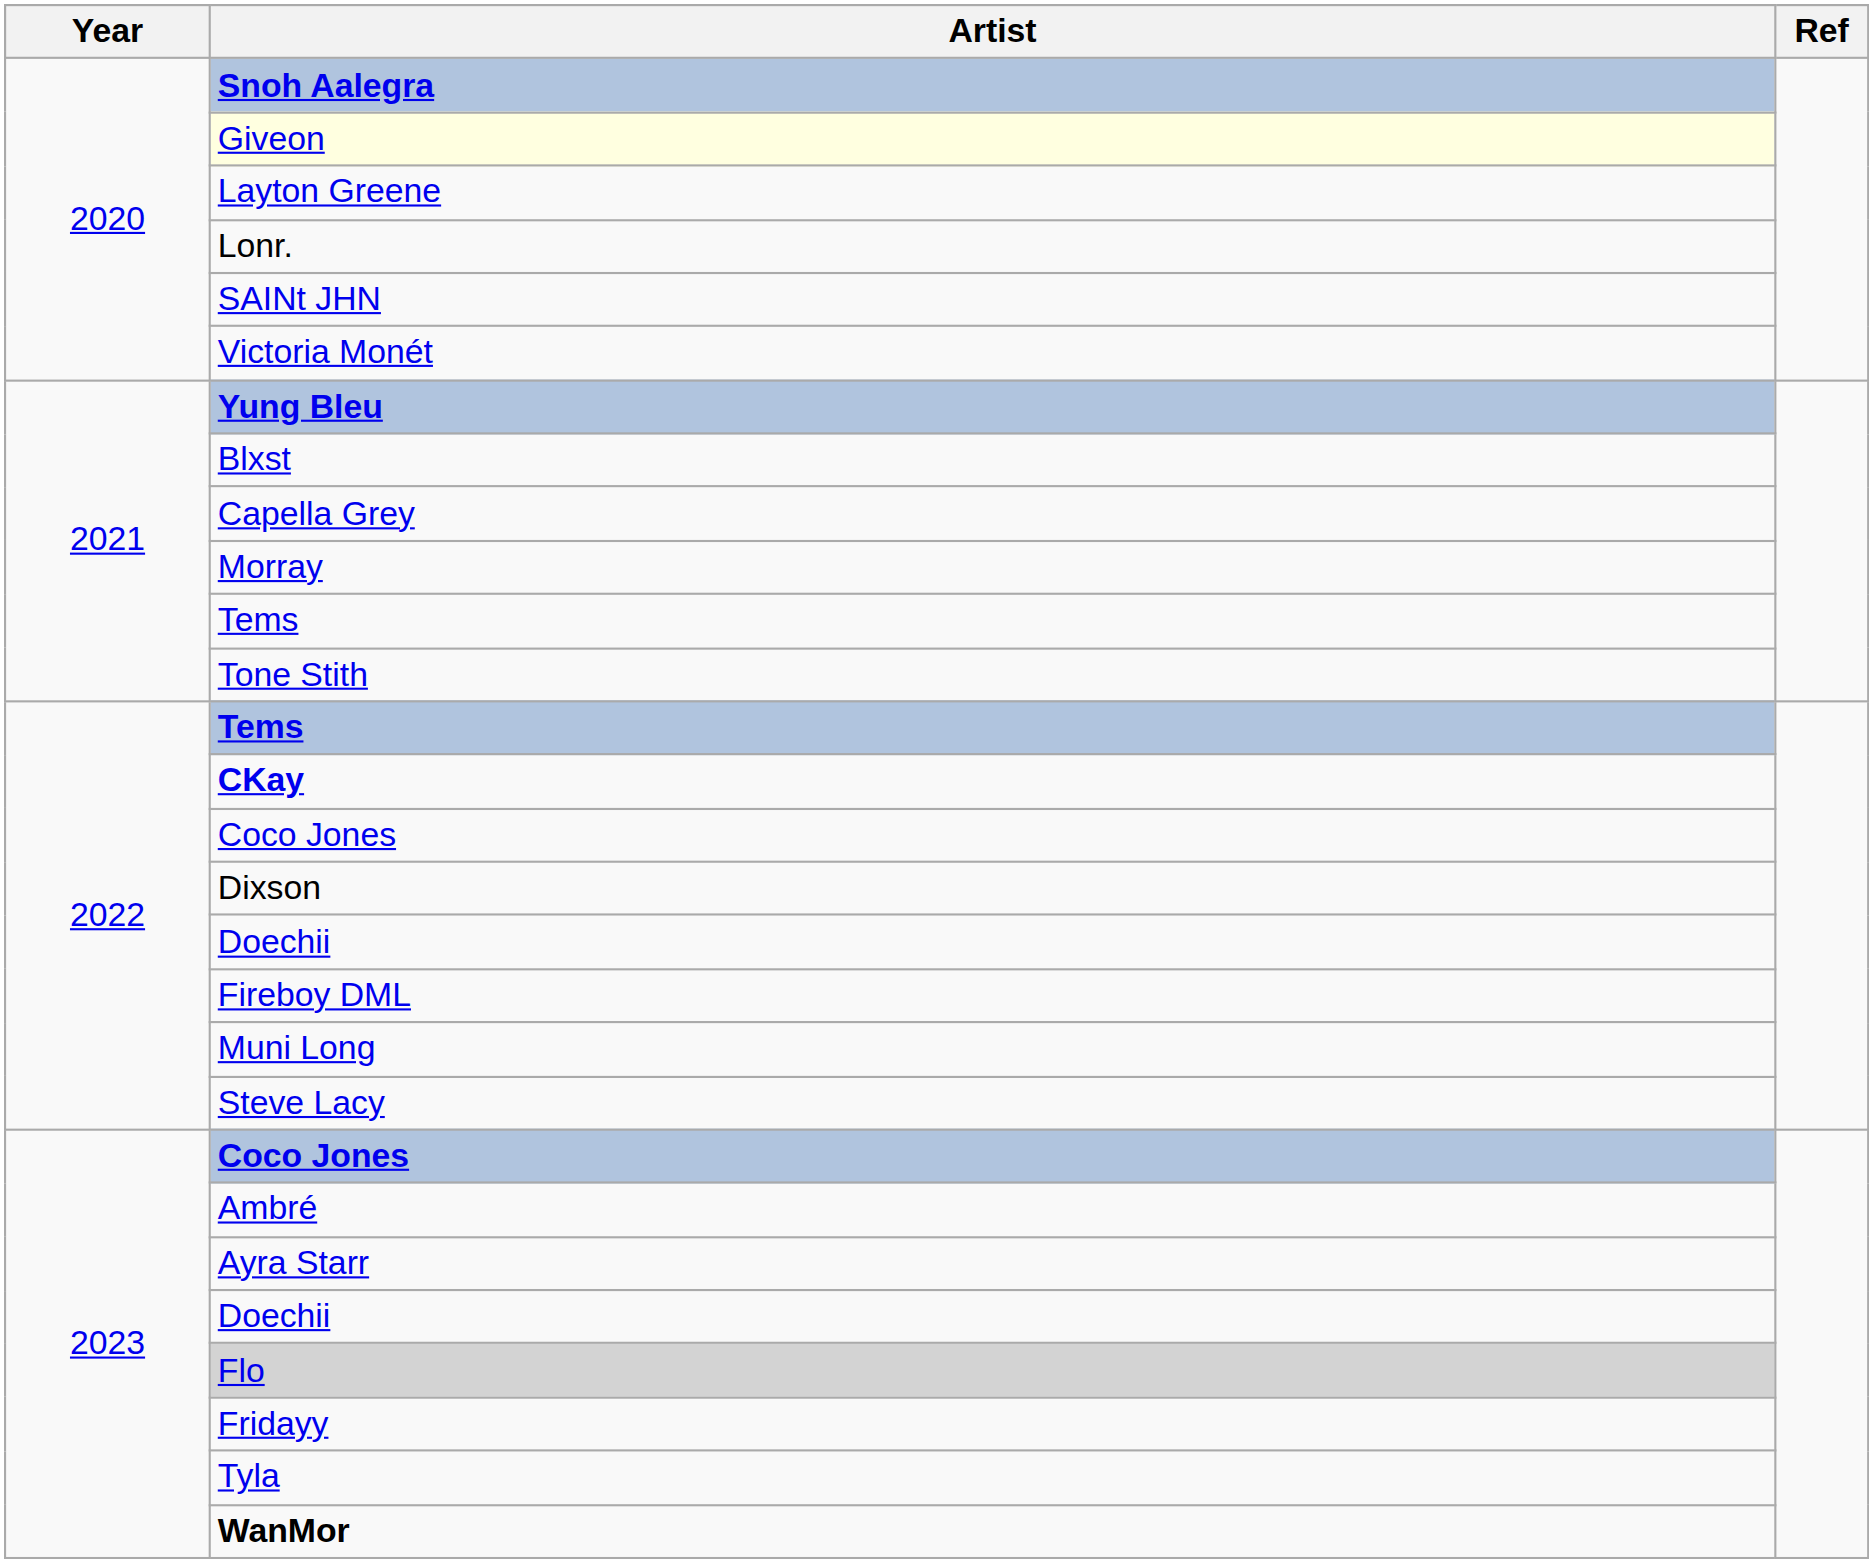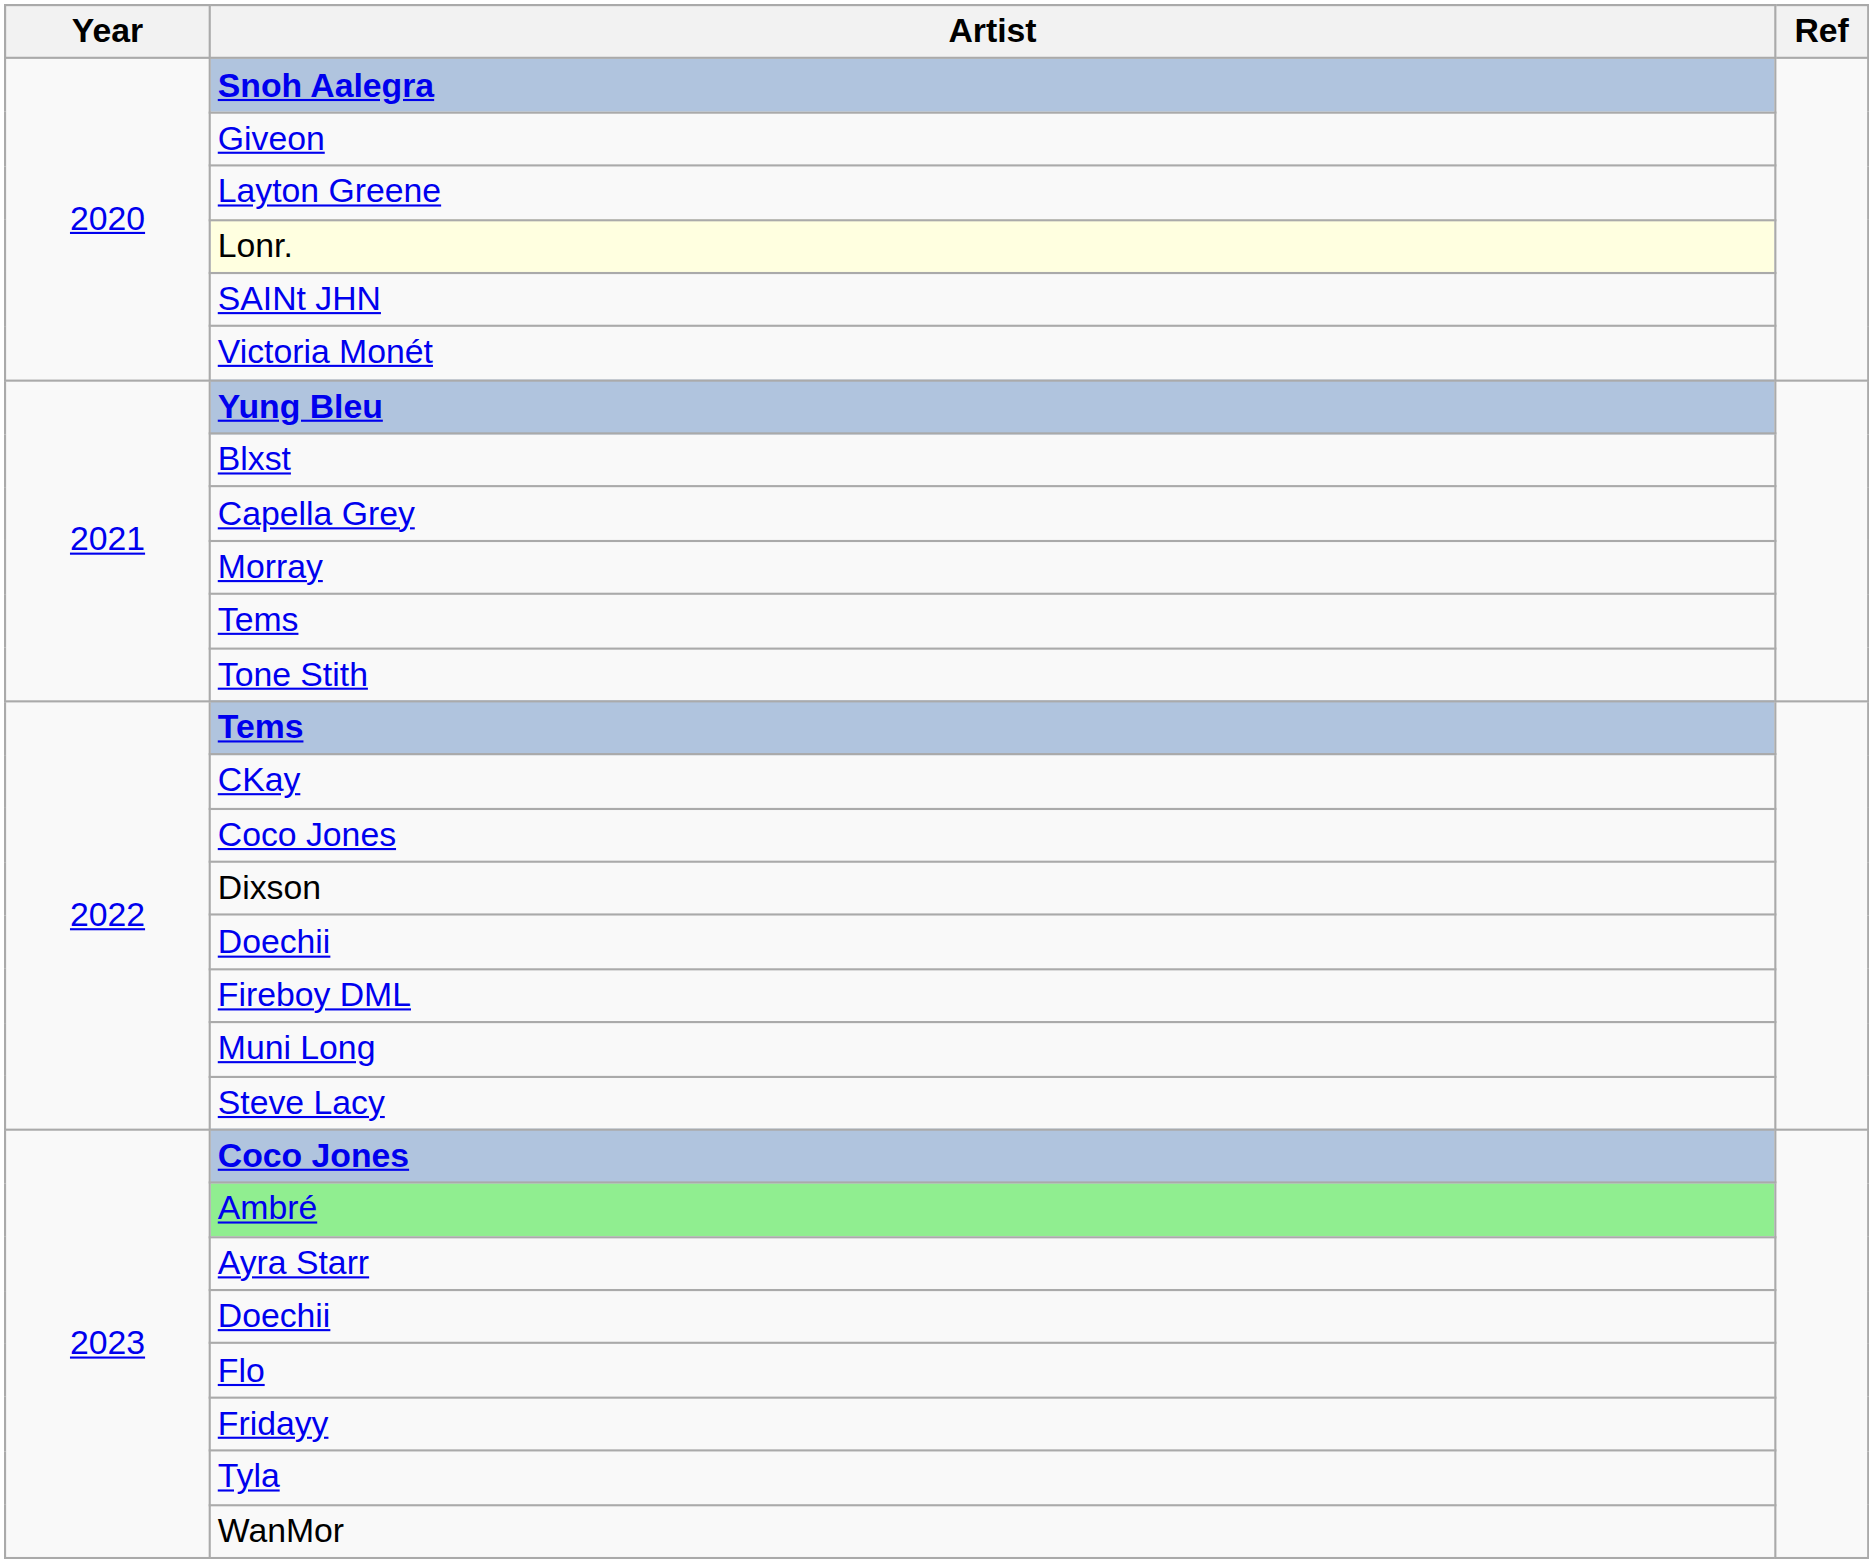 <table class="wikitable" style="width:100%;">
 <tr style="background:#bebebe;">
 <th style="width:11%;">Year</th>
 <th style="width:84%;">Artist</th>
 <th style="width:5%;">Ref</th>
 </tr>
 <tr>
 <td rowspan="6" align="center"><a href='#'>2020</a></td>
 <td style="background:#B0C4DE"><strong><a href='#'>Snoh Aalegra</a></strong></td>
 <td rowspan="6" align="center"></td>
 </tr>
 <tr>
-<td style="background: lightyellow;"><a href='#'>Giveon</a></td>
+<td><a href='#'>Giveon</a></td>
 </tr>
 <tr>
 <td><a href='#'>Layton Greene</a></td>
 </tr>
 <tr>
-<td>Lonr.</td>
+<td style="background: lightyellow;">Lonr.</td>
 </tr>
 <tr>
 <td><a href='#'>SAINt JHN</a></td>
 </tr>
 <tr>
 <td><a href='#'>Victoria Monét</a></td>
 </tr>
 <tr>
 <td rowspan="6" align="center"><a href='#'>2021</a></td>
 <td style="background:#B0C4DE"><strong><a href='#'>Yung Bleu</a></strong></td>
 <td rowspan="6" align="center"></td>
 </tr>
 <tr>
 <td><a href='#'>Blxst</a></td>
 </tr>
 <tr>
 <td><a href='#'>Capella Grey</a></td>
 </tr>
 <tr>
 <td><a href='#'>Morray</a></td>
 </tr>
 <tr>
 <td><a href='#'>Tems</a></td>
 </tr>
 <tr>
 <td><a href='#'>Tone Stith</a></td>
 </tr>
 <tr>
 <td rowspan="8" align="center"><a href='#'>2022</a></td>
 <td style="background:#B0C4DE"><strong><a href='#'>Tems</a></strong></td>
 <td rowspan="8" align="center"></td>
 </tr>
 <tr>
-<td><strong><a href='#'>CKay</a></strong></td>
+<td><a href='#'>CKay</a></td>
 </tr>
 <tr>
 <td><a href='#'>Coco Jones</a></td>
 </tr>
 <tr>
 <td>Dixson</td>
 </tr>
 <tr>
 <td><a href='#'>Doechii</a></td>
 </tr>
 <tr>
 <td><a href='#'>Fireboy DML</a></td>
 </tr>
 <tr>
 <td><a href='#'>Muni Long</a></td>
 </tr>
 <tr>
 <td><a href='#'>Steve Lacy</a></td>
 </tr>
 <tr>
 <td rowspan="8" align="center"><a href='#'>2023</a></td>
 <td style="background:#B0C4DE"><strong><a href='#'>Coco Jones</a></strong></td>
 <td rowspan="8" align="center"></td>
 </tr>
 <tr>
-<td><a href='#'>Ambré</a></td>
+<td style="background: lightgreen;"><a href='#'>Ambré</a></td>
 </tr>
 <tr>
 <td><a href='#'>Ayra Starr</a></td>
 </tr>
 <tr>
 <td><a href='#'>Doechii</a></td>
 </tr>
 <tr>
-<td style="background: lightgrey;"><a href='#'>Flo</a></td>
+<td><a href='#'>Flo</a></td>
 </tr>
 <tr>
 <td><a href='#'>Fridayy</a></td>
 </tr>
 <tr>
 <td><a href='#'>Tyla</a></td>
 </tr>
 <tr>
-<td><strong>WanMor</strong></td>
+<td>WanMor</td>
 </tr>
 </table>
